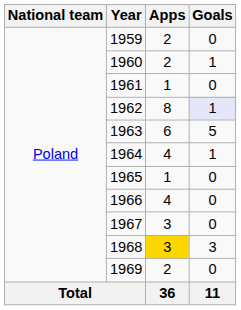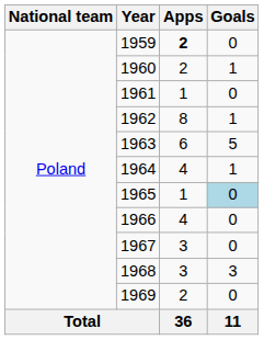 <table class="wikitable" style="text-align:center">
 <tr>
 <th>National team</th>
 <th>Year</th>
 <th>Apps</th>
 <th>Goals</th>
 </tr>
 <tr>
 <td rowspan="11"><a href='#'>Poland</a></td>
 <td>1959</td>
-<td>2</td>
+<td><strong>2</strong></td>
 <td>0</td>
 </tr>
 <tr>
 <td>1960</td>
 <td>2</td>
 <td>1</td>
 </tr>
 <tr>
 <td>1961</td>
 <td>1</td>
 <td>0</td>
 </tr>
 <tr>
 <td>1962</td>
 <td>8</td>
-<td style="background: lavender;">1</td>
+<td>1</td>
 </tr>
 <tr>
 <td>1963</td>
 <td>6</td>
 <td>5</td>
 </tr>
 <tr>
 <td>1964</td>
 <td>4</td>
 <td>1</td>
 </tr>
 <tr>
 <td>1965</td>
 <td>1</td>
-<td>0</td>
+<td style="background: lightblue;">0</td>
 </tr>
 <tr>
 <td>1966</td>
 <td>4</td>
 <td>0</td>
 </tr>
 <tr>
 <td>1967</td>
 <td>3</td>
 <td>0</td>
 </tr>
 <tr>
 <td>1968</td>
-<td style="background: gold;">3</td>
+<td>3</td>
 <td>3</td>
 </tr>
 <tr>
 <td>1969</td>
 <td>2</td>
 <td>0</td>
 </tr>
 <tr>
 <th colspan="2">Total</th>
 <th>36</th>
 <th>11</th>
 </tr>
 </table>
